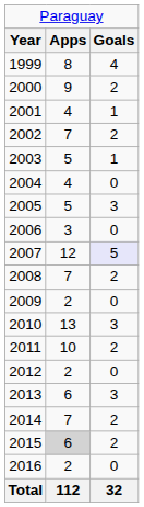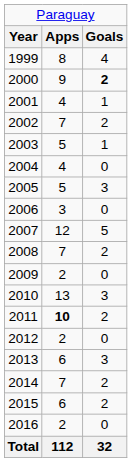 <table class="wikitable" style="text-align:center">
 <tr>
 <td colspan=3><a href='#'>Paraguay</a></td>
 </tr>
 <tr>
 <th>Year</th>
 <th>Apps</th>
 <th>Goals</th>
 </tr>
 <tr>
 <td>1999</td>
 <td>8</td>
 <td>4</td>
 </tr>
 <tr>
 <td>2000</td>
 <td>9</td>
-<td>2</td>
+<td><strong>2</strong></td>
 </tr>
 <tr>
 <td>2001</td>
 <td>4</td>
 <td>1</td>
 </tr>
 <tr>
 <td>2002</td>
 <td>7</td>
 <td>2</td>
 </tr>
 <tr>
 <td>2003</td>
 <td>5</td>
 <td>1</td>
 </tr>
 <tr>
 <td>2004</td>
 <td>4</td>
 <td>0</td>
 </tr>
 <tr>
 <td>2005</td>
 <td>5</td>
 <td>3</td>
 </tr>
 <tr>
 <td>2006</td>
 <td>3</td>
 <td>0</td>
 </tr>
 <tr>
 <td>2007</td>
 <td>12</td>
-<td style="background: lavender;">5</td>
+<td>5</td>
 </tr>
 <tr>
 <td>2008</td>
 <td>7</td>
 <td>2</td>
 </tr>
 <tr>
 <td>2009</td>
 <td>2</td>
 <td>0</td>
 </tr>
 <tr>
 <td>2010</td>
 <td>13</td>
 <td>3</td>
 </tr>
 <tr>
 <td>2011</td>
-<td>10</td>
+<td><strong>10</strong></td>
 <td>2</td>
 </tr>
 <tr>
 <td>2012</td>
 <td>2</td>
 <td>0</td>
 </tr>
 <tr>
 <td>2013</td>
 <td>6</td>
 <td>3</td>
 </tr>
 <tr>
 <td>2014</td>
 <td>7</td>
 <td>2</td>
 </tr>
 <tr>
 <td>2015</td>
-<td style="background: lightgrey;">6</td>
+<td>6</td>
 <td>2</td>
 </tr>
 <tr>
 <td>2016</td>
 <td>2</td>
 <td>0</td>
 </tr>
 <tr>
 <th>Total</th>
 <th>112</th>
 <th>32</th>
 </tr>
 </table>
